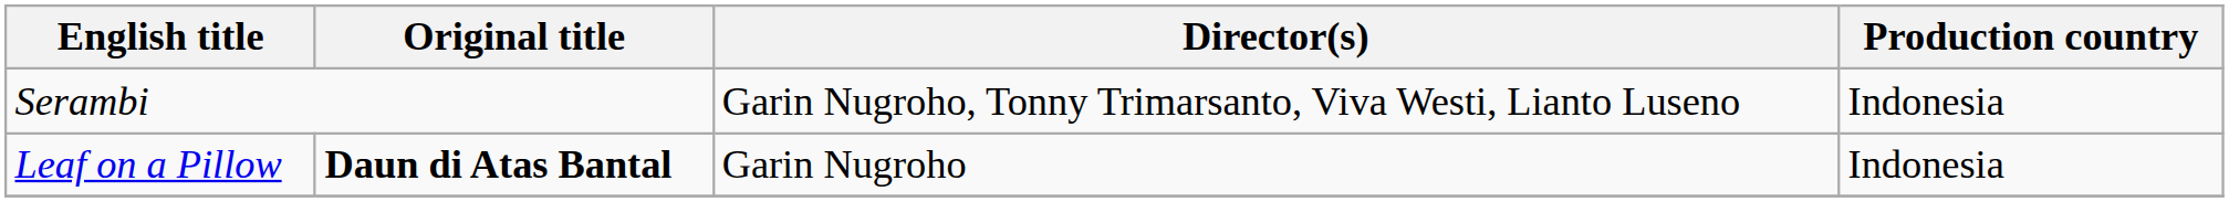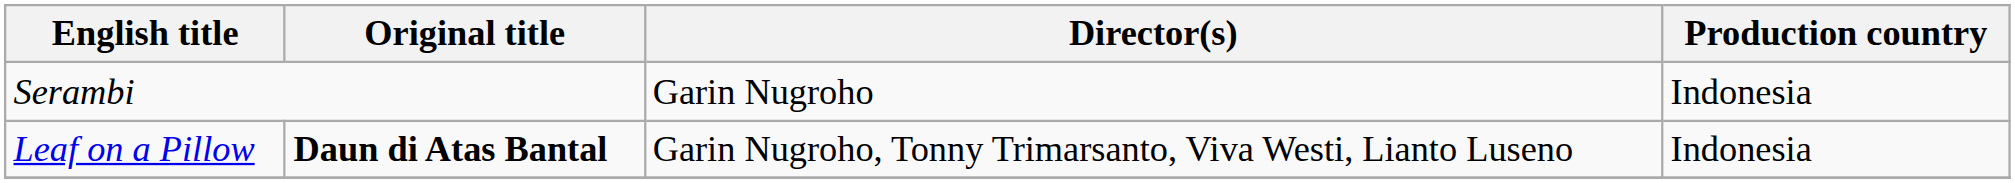 <table class="wikitable sortable" style="width:100%; margin-bottom:5px">
 <tr>
 <th>English title</th>
 <th>Original title</th>
 <th>Director(s)</th>
 <th>Production country</th>
 </tr>
 <tr>
 <td colspan="2"><em>Serambi</em></td>
-<td>Garin Nugroho, Tonny Trimarsanto, Viva Westi, Lianto Luseno</td>
+<td>Garin Nugroho</td>
 <td>Indonesia</td>
 </tr>
 <tr>
 <td><em><a href='#'>Leaf on a Pillow</a></em></td>
 <td><strong>Daun di Atas Bantal</strong></td>
-<td>Garin Nugroho</td>
+<td>Garin Nugroho, Tonny Trimarsanto, Viva Westi, Lianto Luseno</td>
 <td>Indonesia</td>
 </tr>
 <tr>
 </tr>
 </table>
